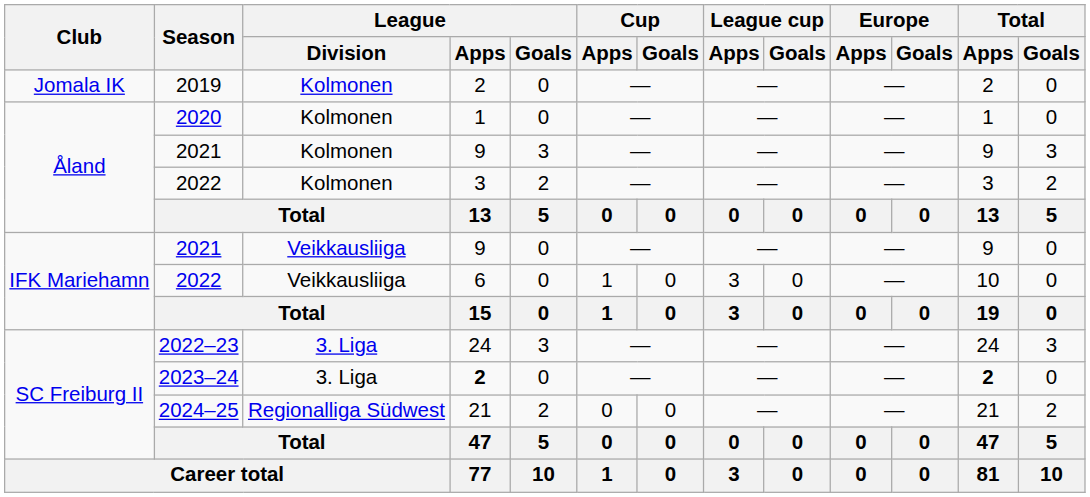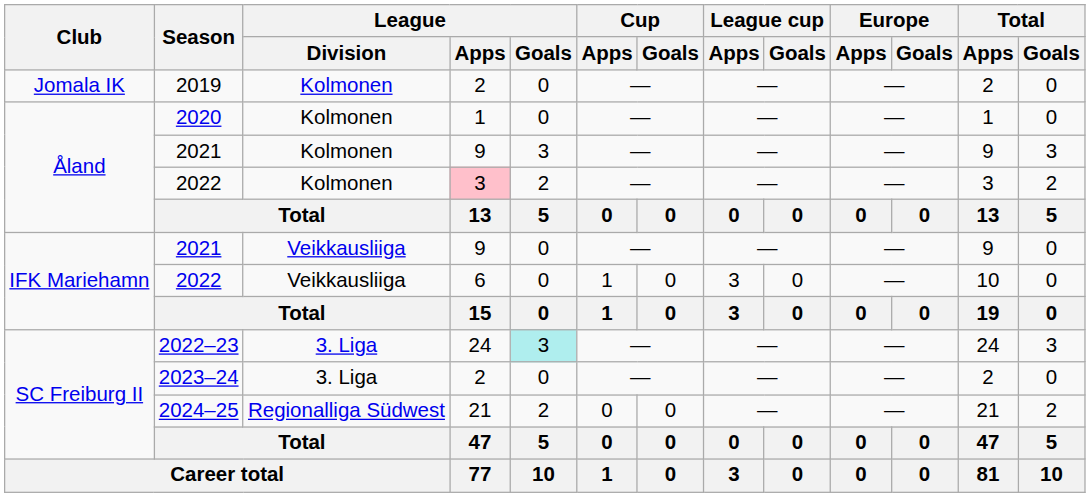 <table class="wikitable" style="text-align:center">
 <tr>
 <th rowspan="2">Club</th>
 <th rowspan="2">Season</th>
 <th colspan="3">League</th>
 <th colspan="2">Cup</th>
 <th colspan="2">League cup</th>
 <th colspan="2">Europe</th>
 <th colspan="2">Total</th>
 </tr>
 <tr>
 <th>Division</th>
 <th>Apps</th>
 <th>Goals</th>
 <th>Apps</th>
 <th>Goals</th>
 <th>Apps</th>
 <th>Goals</th>
 <th>Apps</th>
 <th>Goals</th>
 <th>Apps</th>
 <th>Goals</th>
 </tr>
 <tr>
 <td><a href='#'>Jomala IK</a></td>
 <td>2019</td>
 <td><a href='#'>Kolmonen</a></td>
 <td>2</td>
 <td>0</td>
 <td colspan="2">—</td>
 <td colspan="2">—</td>
 <td colspan="2">—</td>
 <td>2</td>
 <td>0</td>
 </tr>
 <tr>
 <td rowspan="4"><a href='#'>Åland</a></td>
 <td><a href='#'>2020</a></td>
 <td>Kolmonen</td>
 <td>1</td>
 <td>0</td>
 <td colspan="2">—</td>
 <td colspan="2">—</td>
 <td colspan="2">—</td>
 <td>1</td>
 <td>0</td>
 </tr>
 <tr>
 <td>2021</td>
 <td>Kolmonen</td>
 <td>9</td>
 <td>3</td>
 <td colspan="2">—</td>
 <td colspan="2">—</td>
 <td colspan="2">—</td>
 <td>9</td>
 <td>3</td>
 </tr>
 <tr>
 <td>2022</td>
 <td>Kolmonen</td>
-<td>3</td>
+<td style="background: pink;">3</td>
 <td>2</td>
 <td colspan="2">—</td>
 <td colspan="2">—</td>
 <td colspan="2">—</td>
 <td>3</td>
 <td>2</td>
 </tr>
 <tr>
 <th colspan="2">Total</th>
 <th>13</th>
 <th>5</th>
 <th>0</th>
 <th>0</th>
 <th>0</th>
 <th>0</th>
 <th>0</th>
 <th>0</th>
 <th>13</th>
 <th>5</th>
 </tr>
 <tr>
 <td rowspan="3"><a href='#'>IFK Mariehamn</a></td>
 <td><a href='#'>2021</a></td>
 <td><a href='#'>Veikkausliiga</a></td>
 <td>9</td>
 <td>0</td>
 <td colspan="2">—</td>
 <td colspan="2">—</td>
 <td colspan="2">—</td>
 <td>9</td>
 <td>0</td>
 </tr>
 <tr>
 <td><a href='#'>2022</a></td>
 <td>Veikkausliiga</td>
 <td>6</td>
 <td>0</td>
 <td>1</td>
 <td>0</td>
 <td>3</td>
 <td>0</td>
 <td colspan="2">—</td>
 <td>10</td>
 <td>0</td>
 </tr>
 <tr>
 <th colspan="2">Total</th>
 <th>15</th>
 <th>0</th>
 <th>1</th>
 <th>0</th>
 <th>3</th>
 <th>0</th>
 <th>0</th>
 <th>0</th>
 <th>19</th>
 <th>0</th>
 </tr>
 <tr>
 <td rowspan="4"><a href='#'>SC Freiburg II</a></td>
 <td><a href='#'>2022–23</a></td>
 <td><a href='#'>3. Liga</a></td>
 <td>24</td>
-<td>3</td>
+<td style="background: paleturquoise;">3</td>
 <td colspan="2">—</td>
 <td colspan="2">—</td>
 <td colspan="2">—</td>
 <td>24</td>
 <td>3</td>
 </tr>
 <tr>
 <td><a href='#'>2023–24</a></td>
 <td>3. Liga</td>
-<td><strong>2</strong></td>
+<td>2</td>
 <td>0</td>
 <td colspan="2">—</td>
 <td colspan="2">—</td>
 <td colspan="2">—</td>
-<td><strong>2</strong></td>
+<td>2</td>
 <td>0</td>
 </tr>
 <tr>
 <td><a href='#'>2024–25</a></td>
 <td><a href='#'>Regionalliga Südwest</a></td>
 <td>21</td>
 <td>2</td>
 <td>0</td>
 <td>0</td>
 <td colspan="2">—</td>
 <td colspan="2">—</td>
 <td>21</td>
 <td>2</td>
 </tr>
 <tr>
 <th colspan="2">Total</th>
 <th>47</th>
 <th>5</th>
 <th>0</th>
 <th>0</th>
 <th>0</th>
 <th>0</th>
 <th>0</th>
 <th>0</th>
 <th>47</th>
 <th>5</th>
 </tr>
 <tr>
 <th colspan="3">Career total</th>
 <th>77</th>
 <th>10</th>
 <th>1</th>
 <th>0</th>
 <th>3</th>
 <th>0</th>
 <th>0</th>
 <th>0</th>
 <th>81</th>
 <th>10</th>
 </tr>
 </table>
